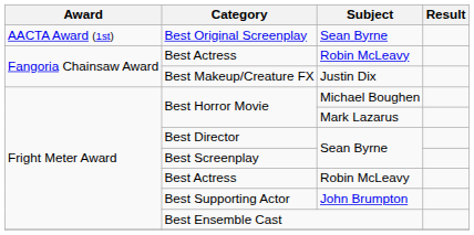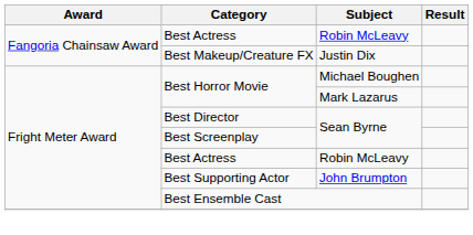 <table class="wikitable">
 <tr>
 <th>Award</th>
 <th>Category</th>
 <th>Subject</th>
 <th>Result</th>
-</tr>
-<tr>
-<td><a href='#'>AACTA Award</a> <small>(<a href='#'>1st</a>)</small></td>
-<td><a href='#'>Best Original Screenplay</a></td>
-<td><a href='#'>Sean Byrne</a></td>
-<td></td>
 </tr>
 <tr>
 <td rowspan=2><a href='#'>Fangoria</a> Chainsaw Award</td>
 <td>Best Actress</td>
 <td><a href='#'>Robin McLeavy</a></td>
 <td></td>
 </tr>
 <tr>
 <td>Best Makeup/Creature FX</td>
 <td>Justin Dix</td>
 <td></td>
 </tr>
 <tr>
 <td rowspan=7>Fright Meter Award</td>
 <td rowspan=2>Best Horror Movie</td>
 <td>Michael Boughen</td>
 <td></td>
 </tr>
 <tr>
 <td>Mark Lazarus</td>
 <td></td>
 </tr>
 <tr>
 <td>Best Director</td>
 <td rowspan=2>Sean Byrne</td>
 <td></td>
 </tr>
 <tr>
 <td>Best Screenplay</td>
 <td></td>
 </tr>
 <tr>
 <td>Best Actress</td>
 <td>Robin McLeavy</td>
 <td></td>
 </tr>
 <tr>
 <td>Best Supporting Actor</td>
 <td><a href='#'>John Brumpton</a></td>
 <td></td>
 </tr>
 <tr>
 <td colspan=2>Best Ensemble Cast</td>
 <td></td>
 </tr>
 <tr>
 </tr>
 </table>
